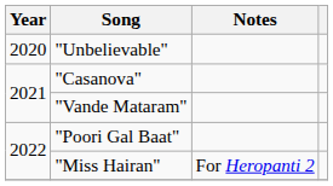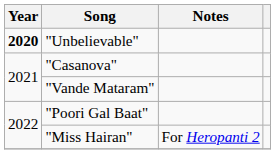 <table class="wikitable sortable plainrowheaders">
 <tr>
 <th scope="col">Year</th>
 <th scope="col">Song</th>
 <th scope="col">Notes</th>
 <th scope="col" class="unsortable"></th>
 </tr>
 <tr>
-<td>2020</td>
+<td><strong>2020</strong></td>
 <td>"Unbelievable"</td>
 <td></td>
 <td></td>
 </tr>
 <tr>
 <td rowspan="2">2021</td>
 <td>"Casanova"</td>
 <td></td>
 <td></td>
 </tr>
 <tr>
 <td>"Vande Mataram"</td>
 <td></td>
 <td></td>
 </tr>
 <tr>
 <td rowspan="2">2022</td>
 <td>"Poori Gal Baat"</td>
 <td></td>
 <td></td>
 </tr>
 <tr>
 <td>"Miss Hairan"</td>
 <td>For <em><a href='#'>Heropanti 2</a></em></td>
 <td></td>
 </tr>
 <tr>
 </tr>
 </table>
